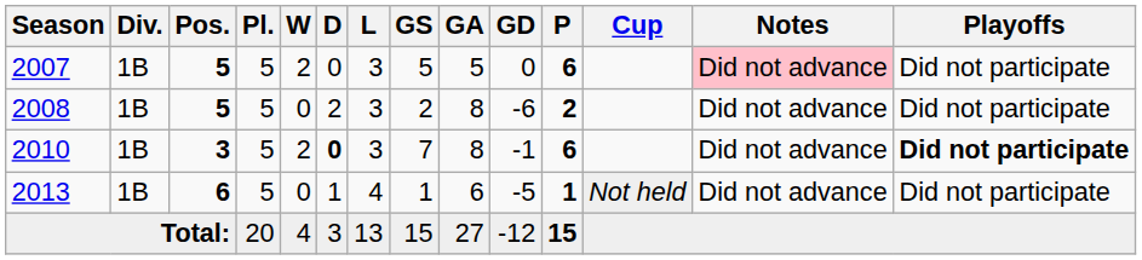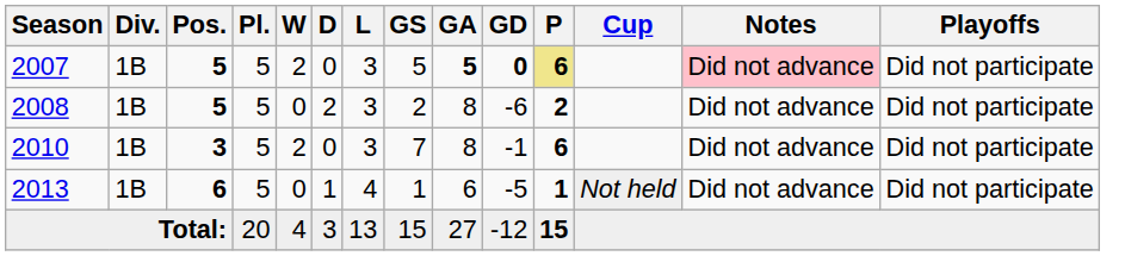 <table class="wikitable">
 <tr style="background:#efefef;">
 <th>Season</th>
 <th>Div.</th>
 <th>Pos.</th>
 <th>Pl.</th>
 <th>W</th>
 <th>D</th>
 <th>L</th>
 <th>GS</th>
 <th>GA</th>
 <th>GD</th>
 <th>P</th>
 <th><a href='#'>Cup</a></th>
 <th>Notes</th>
 <th>Playoffs</th>
 </tr>
 <tr>
 <td><a href='#'>2007</a></td>
 <td>1B</td>
 <td align=right><strong>5</strong></td>
 <td align=right>5</td>
 <td align=right>2</td>
 <td align=right>0</td>
 <td align=right>3</td>
 <td align=right>5</td>
-<td align=right>5</td>
-<td align=right>0</td>
-<td align=right><strong>6</strong></td>
+<td align=right><strong>5</strong></td>
+<td align=right><strong>0</strong></td>
+<td align=right style="background: khaki;"><strong>6</strong></td>
 <td></td>
 <td style="background: pink;">Did not advance</td>
 <td>Did not participate</td>
 </tr>
 <tr>
 <td><a href='#'>2008</a></td>
 <td>1B</td>
 <td align=right><strong>5</strong></td>
 <td align=right>5</td>
 <td align=right>0</td>
 <td align=right>2</td>
 <td align=right>3</td>
 <td align=right>2</td>
 <td align=right>8</td>
 <td align=right>-6</td>
 <td align=right><strong>2</strong></td>
 <td></td>
 <td>Did not advance</td>
 <td>Did not participate</td>
 </tr>
 <tr>
 <td><a href='#'>2010</a></td>
 <td>1B</td>
 <td align=right><strong>3</strong></td>
 <td align=right>5</td>
 <td align=right>2</td>
-<td align=right><strong>0</strong></td>
+<td align=right>0</td>
 <td align=right>3</td>
 <td align=right>7</td>
 <td align=right>8</td>
 <td align=right>-1</td>
 <td align=right><strong>6</strong></td>
 <td></td>
 <td>Did not advance</td>
-<td><strong>Did not participate</strong></td>
+<td>Did not participate</td>
 </tr>
 <tr>
 <td><a href='#'>2013</a></td>
 <td>1B</td>
 <td align=right><strong>6</strong></td>
 <td align=right>5</td>
 <td align=right>0</td>
 <td align=right>1</td>
 <td align=right>4</td>
 <td align=right>1</td>
 <td align=right>6</td>
 <td align=right>-5</td>
 <td align=right><strong>1</strong></td>
 <td bgcolor=EFEFEF><em>Not held</em></td>
 <td>Did not advance</td>
 <td>Did not participate</td>
 </tr>
 <tr style="background:#efefef">
 <td align=right colspan=3><strong>Total:</strong></td>
 <td align=right>20</td>
 <td align=right>4</td>
 <td align=right>3</td>
 <td align=right>13</td>
 <td align=right>15</td>
 <td align=right>27</td>
 <td align=right>-12</td>
 <td align=right><strong>15</strong></td>
 <td colspan=3 bgcolor=#efefef></td>
 </tr>
 </table>
